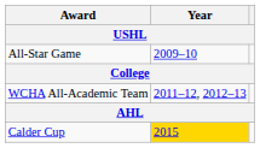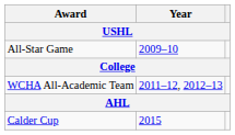 <table class="wikitable">
 <tr>
 <th>Award</th>
 <th>Year</th>
 <th></th>
 </tr>
 <tr>
 <th colspan="3"><a href='#'>USHL</a></th>
 </tr>
 <tr>
 <td>All-Star Game</td>
 <td><a href='#'>2009–10</a></td>
 <td></td>
 </tr>
 <tr>
 <th colspan="3"><a href='#'>College</a></th>
 </tr>
 <tr>
 <td><a href='#'>WCHA</a> All-Academic Team</td>
 <td><a href='#'>2011–12</a>, <a href='#'>2012–13</a></td>
 <td></td>
 </tr>
 <tr>
 <th colspan="3"><a href='#'>AHL</a></th>
 </tr>
 <tr>
 <td><a href='#'>Calder Cup</a></td>
-<td style="background: gold;"><a href='#'>2015</a></td>
+<td><a href='#'>2015</a></td>
 <td></td>
 </tr>
 </table>
